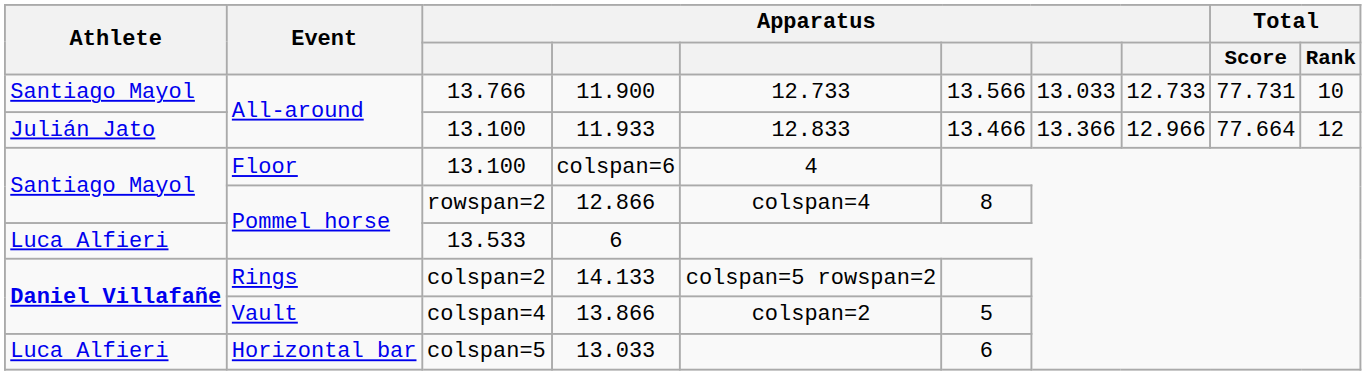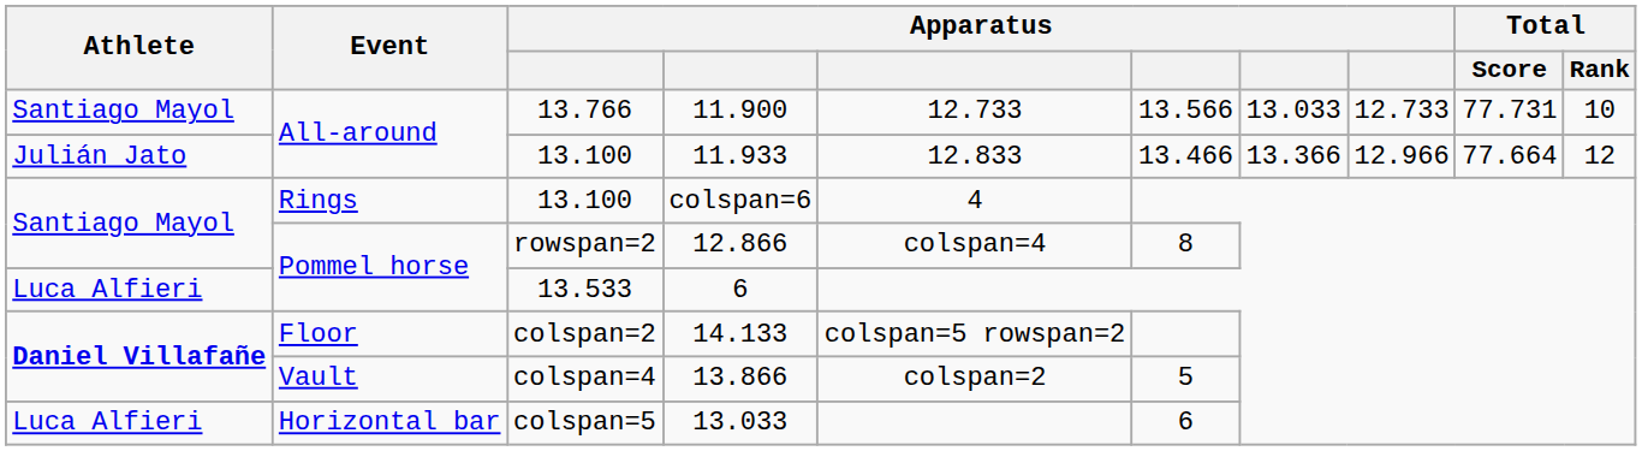 <table class=wikitable style=font-size:90%;text-align:center>
 <tr>
 <th rowspan=2>Athlete</th>
 <th rowspan=2>Event</th>
 <th colspan=6>Apparatus</th>
 <th colspan=2>Total</th>
 </tr>
 <tr style=font-size:95%>
 <th></th>
 <th></th>
 <th></th>
 <th></th>
 <th></th>
 <th></th>
 <th>Score</th>
 <th>Rank</th>
 </tr>
 <tr>
 <td align=left><a href='#'>Santiago Mayol</a></td>
 <td align=left rowspan=2><a href='#'>All-around</a></td>
 <td>13.766</td>
 <td>11.900</td>
 <td>12.733</td>
 <td>13.566</td>
 <td>13.033</td>
 <td>12.733</td>
 <td>77.731</td>
 <td>10</td>
 </tr>
 <tr>
 <td align=left><a href='#'>Julián Jato</a></td>
 <td>13.100</td>
 <td>11.933</td>
 <td>12.833</td>
 <td>13.466</td>
 <td>13.366</td>
 <td>12.966</td>
 <td>77.664</td>
 <td>12</td>
 </tr>
 <tr>
 <td align=left rowspan=2><a href='#'>Santiago Mayol</a></td>
-<td align=left><a href='#'>Floor</a></td>
+<td align=left><a href='#'>Rings</a></td>
 <td>13.100</td>
 <td>colspan=6 </td>
 <td>4</td>
 </tr>
 <tr>
 <td align=left rowspan=2><a href='#'>Pommel horse</a></td>
 <td>rowspan=2 </td>
 <td>12.866</td>
 <td>colspan=4 </td>
 <td>8</td>
 </tr>
 <tr>
 <td align=left><a href='#'>Luca Alfieri</a></td>
 <td>13.533</td>
 <td>6</td>
 </tr>
 <tr>
 <td align=left rowspan=2><strong><a href='#'>Daniel Villafañe</a></strong></td>
-<td align=left><a href='#'>Rings</a></td>
+<td align=left><a href='#'>Floor</a></td>
 <td>colspan=2 </td>
 <td>14.133</td>
 <td>colspan=5 rowspan=2 </td>
 <td></td>
 </tr>
 <tr>
 <td align=left><a href='#'>Vault</a></td>
 <td>colspan=4 </td>
 <td>13.866</td>
 <td>colspan=2 </td>
 <td>5</td>
 </tr>
 <tr>
 <td align=left><a href='#'>Luca Alfieri</a></td>
 <td align=left><a href='#'>Horizontal bar</a></td>
 <td>colspan=5 </td>
 <td>13.033</td>
 <td></td>
 <td>6</td>
 </tr>
 </table>
